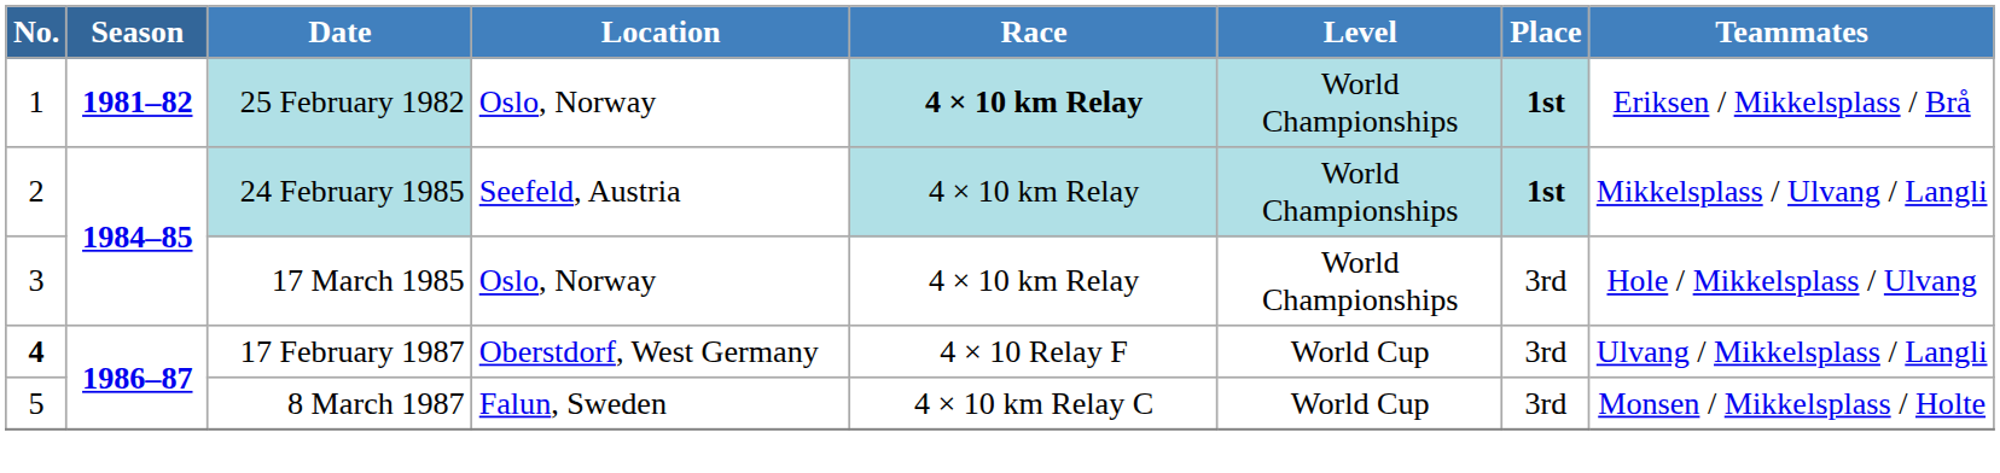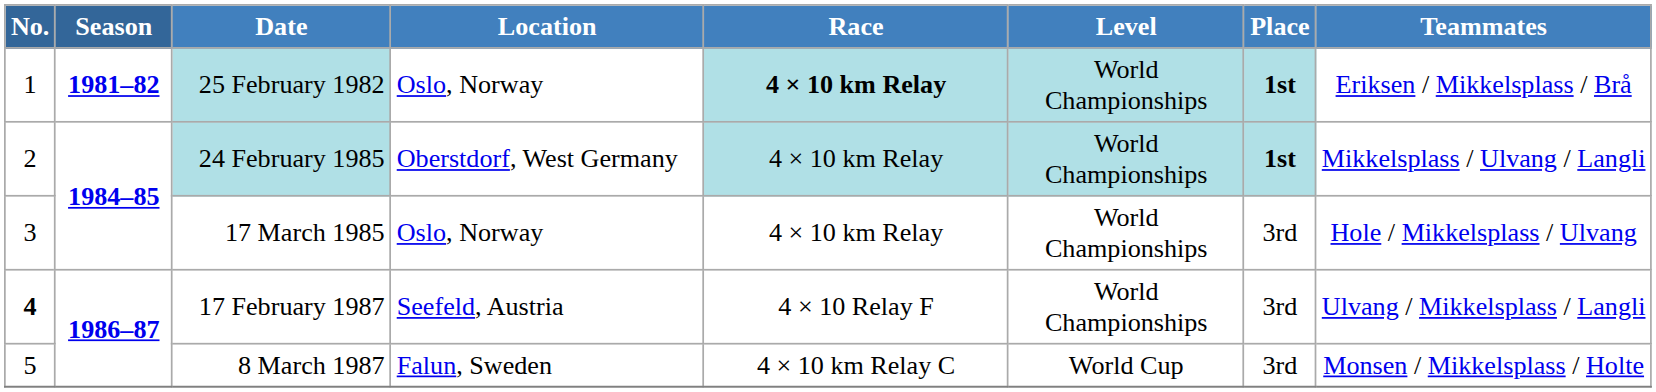 <table class="wikitable sortable" style="font-size:95%; text-align:center; border:grey solid 1px; border-collapse:collapse; background:#ffffff;">
 <tr style="background:#efefef;">
 <th style="background-color:#369; color:white;">No.</th>
 <th style="background-color:#369; color:white;">Season</th>
 <th style="background-color:#4180be; color:white; width:120px;">Date</th>
 <th style="background-color:#4180be; color:white; width:175px;">Location</th>
 <th style="background-color:#4180be; color:white; width:170px;">Race</th>
 <th style="background-color:#4180be; color:white; width:130px;">Level</th>
 <th style="background-color:#4180be; color:white;">Place</th>
 <th style="background-color:#4180be; color:white;">Teammates</th>
 </tr>
 <tr>
 <td align=center>1</td>
 <td rowspan=1 align=center><strong><a href='#'>1981–82</a></strong></td>
 <td bgcolor="#BOEOE6" align=right>25 February 1982</td>
 <td align=left> <a href='#'>Oslo</a>, Norway</td>
 <td bgcolor="#BOEOE6"><strong>4 × 10 km Relay</strong></td>
 <td bgcolor="#BOEOE6">World Championships</td>
 <td bgcolor="#BOEOE6"><strong>1st</strong></td>
 <td><a href='#'>Eriksen</a> / <a href='#'>Mikkelsplass</a> / <a href='#'>Brå</a></td>
 </tr>
 <tr>
 <td align=center>2</td>
 <td rowspan=2 align=center><strong><a href='#'>1984–85</a></strong></td>
 <td bgcolor="#BOEOE6" align=right>24 February 1985</td>
-<td align=left> <a href='#'>Seefeld</a>, Austria</td>
+<td align=left> <a href='#'>Oberstdorf</a>, West Germany</td>
 <td bgcolor="#BOEOE6">4 × 10 km Relay</td>
 <td bgcolor="#BOEOE6">World Championships</td>
 <td bgcolor="#BOEOE6"><strong>1st</strong></td>
 <td><a href='#'>Mikkelsplass</a> / <a href='#'>Ulvang</a> / <a href='#'>Langli</a></td>
 </tr>
 <tr>
 <td align=center>3</td>
 <td align=right>17 March 1985</td>
 <td align=left> <a href='#'>Oslo</a>, Norway</td>
 <td>4 × 10 km Relay</td>
 <td>World Championships</td>
 <td>3rd</td>
 <td><a href='#'>Hole</a> / <a href='#'>Mikkelsplass</a> / <a href='#'>Ulvang</a></td>
 </tr>
 <tr>
 <td align=center><strong>4</strong></td>
 <td rowspan=2 align=center><strong> <a href='#'>1986–87</a> </strong></td>
 <td align=right>17 February 1987</td>
-<td align=left> <a href='#'>Oberstdorf</a>, West Germany</td>
+<td align=left> <a href='#'>Seefeld</a>, Austria</td>
 <td>4 × 10 Relay F</td>
-<td>World Cup</td>
+<td>World Championships</td>
 <td>3rd</td>
 <td><a href='#'>Ulvang</a> / <a href='#'>Mikkelsplass</a> / <a href='#'>Langli</a></td>
 </tr>
 <tr>
 <td align=center>5</td>
 <td align=right>8 March 1987</td>
 <td align=left> <a href='#'>Falun</a>, Sweden</td>
 <td>4 × 10 km Relay C</td>
 <td>World Cup</td>
 <td>3rd</td>
 <td><a href='#'>Monsen</a> / <a href='#'>Mikkelsplass</a> / <a href='#'>Holte</a></td>
 </tr>
 <tr>
 </tr>
 </table>
